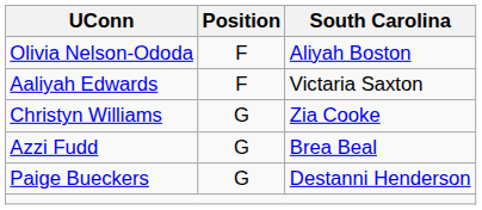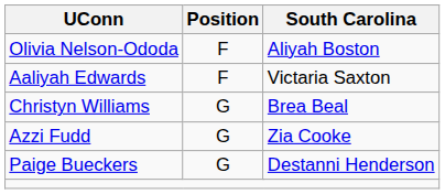 <table class="wikitable">
 <tr>
 <th>UConn</th>
 <th colspan="2">Position</th>
 <th>South Carolina</th>
 </tr>
 <tr>
 <td><a href='#'>Olivia Nelson-Ododa</a></td>
 <td colspan=2 style="text-align:center">F</td>
 <td><a href='#'>Aliyah Boston</a></td>
 </tr>
 <tr>
 <td><a href='#'>Aaliyah Edwards</a></td>
 <td colspan=2 style="text-align:center">F</td>
 <td>Victaria Saxton</td>
 </tr>
 <tr>
 <td><a href='#'>Christyn Williams</a></td>
 <td colspan=2 style="text-align:center">G</td>
-<td><a href='#'>Zia Cooke</a></td>
+<td><a href='#'>Brea Beal</a></td>
 </tr>
 <tr>
 <td><a href='#'>Azzi Fudd</a></td>
 <td colspan=2 style="text-align:center">G</td>
-<td><a href='#'>Brea Beal</a></td>
+<td><a href='#'>Zia Cooke</a></td>
 </tr>
 <tr>
 <td><a href='#'>Paige Bueckers</a></td>
 <td colspan=2 style="text-align:center">G</td>
 <td><a href='#'>Destanni Henderson</a></td>
 </tr>
 <tr>
 <td style="text-align:center" colspan=4></td>
 </tr>
 </table>
